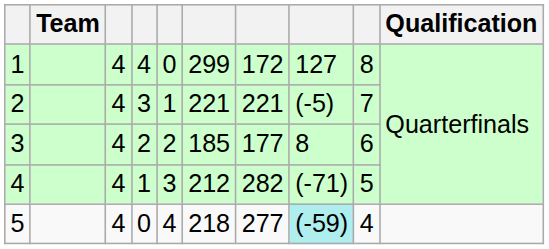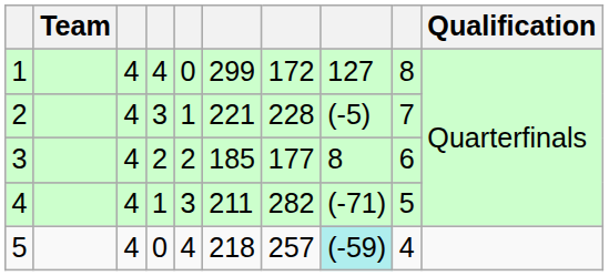 <table class="wikitable">
 <tr>
 <th></th>
 <th>Team</th>
 <th></th>
 <th></th>
 <th></th>
 <th></th>
 <th></th>
 <th></th>
 <th></th>
 <th>Qualification</th>
 </tr>
 <tr bgcolor=ccffcc>
 <td>1</td>
 <td></td>
 <td>4</td>
 <td>4</td>
 <td>0</td>
 <td>299</td>
 <td>172</td>
 <td>127</td>
 <td>8</td>
 <td rowspan=4>Quarterfinals</td>
 </tr>
 <tr bgcolor=ccffcc>
 <td>2</td>
 <td></td>
 <td>4</td>
 <td>3</td>
 <td>1</td>
 <td>221</td>
-<td>221</td>
+<td>228</td>
 <td>(-5)</td>
 <td>7</td>
 </tr>
 <tr bgcolor=ccffcc>
 <td>3</td>
 <td></td>
 <td>4</td>
 <td>2</td>
 <td>2</td>
 <td>185</td>
 <td>177</td>
 <td>8</td>
 <td>6</td>
 </tr>
 <tr bgcolor=ccffcc>
 <td>4</td>
 <td></td>
 <td>4</td>
 <td>1</td>
 <td>3</td>
-<td>212</td>
+<td>211</td>
 <td>282</td>
 <td>(-71)</td>
 <td>5</td>
 </tr>
 <tr>
 <td>5</td>
 <td></td>
 <td>4</td>
 <td>0</td>
 <td>4</td>
 <td>218</td>
-<td>277</td>
+<td>257</td>
 <td style="background: paleturquoise;">(-59)</td>
 <td>4</td>
 <td></td>
 </tr>
 </table>
